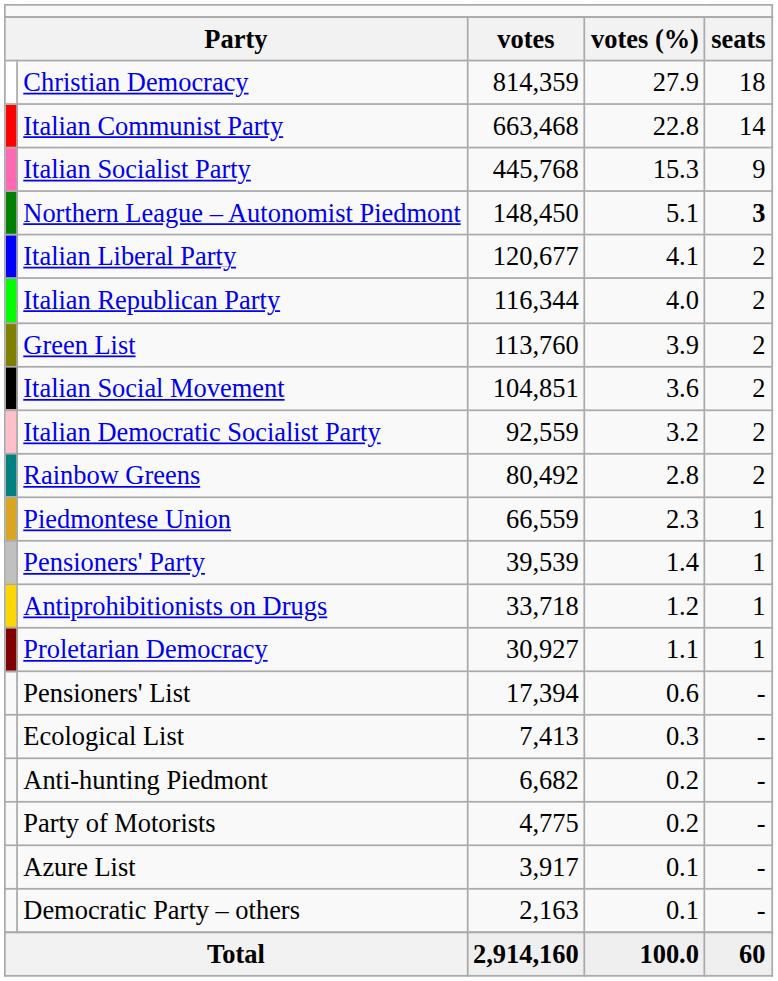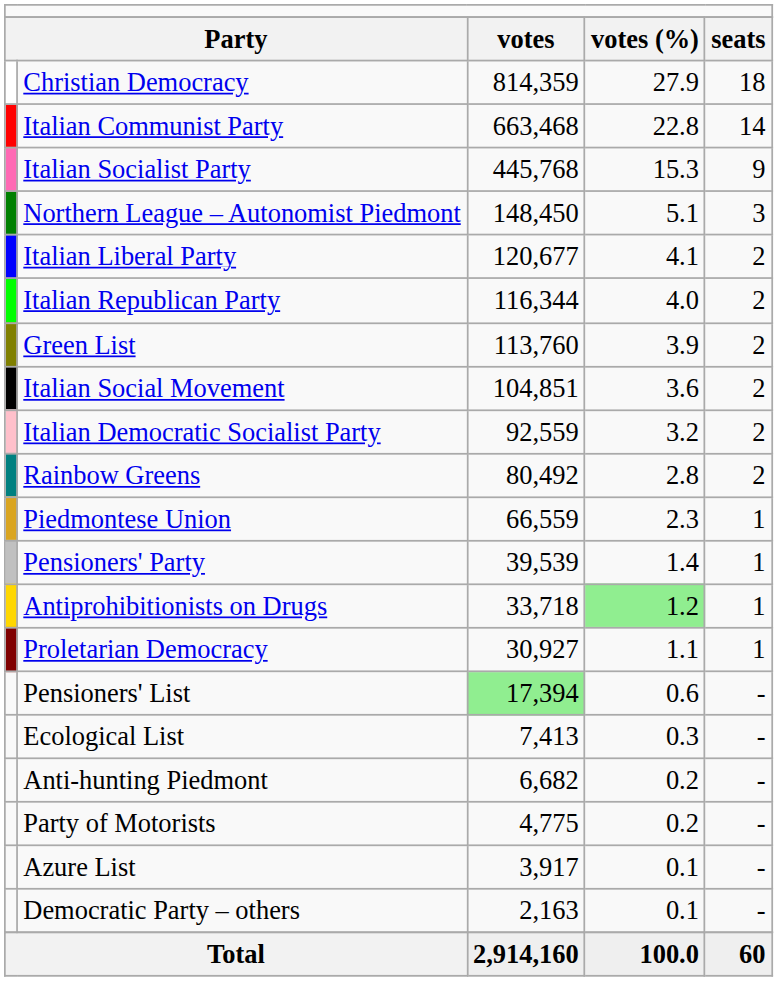 <table class="wikitable" style="font-size:95%">
 <tr>
 <td colspan=5 align=center></td>
 </tr>
 <tr>
 </tr>
 <tr bgcolor="EFEFEF">
 <th colspan=2>Party</th>
 <th>votes</th>
 <th>votes (%)</th>
 <th>seats</th>
 </tr>
 <tr>
 <td bgcolor=white></td>
 <td><a href='#'>Christian Democracy</a></td>
 <td align=right>814,359</td>
 <td align=right>27.9</td>
 <td align=right>18</td>
 </tr>
 <tr>
 <td bgcolor=red></td>
 <td><a href='#'>Italian Communist Party</a></td>
 <td align=right>663,468</td>
 <td align=right>22.8</td>
 <td align=right>14</td>
 </tr>
 <tr>
 <td bgcolor=hotpink></td>
 <td><a href='#'>Italian Socialist Party</a></td>
 <td align=right>445,768</td>
 <td align=right>15.3</td>
 <td align=right>9</td>
 </tr>
 <tr>
 <td bgcolor=green></td>
 <td><a href='#'>Northern League – Autonomist Piedmont</a></td>
 <td align=right>148,450</td>
 <td align=right>5.1</td>
-<td align=right><strong>3</strong></td>
+<td align=right>3</td>
 </tr>
 <tr>
 <td bgcolor=blue></td>
 <td><a href='#'>Italian Liberal Party</a></td>
 <td align=right>120,677</td>
 <td align=right>4.1</td>
 <td align=right>2</td>
 </tr>
 <tr>
 <td bgcolor=lime></td>
 <td><a href='#'>Italian Republican Party</a></td>
 <td align=right>116,344</td>
 <td align=right>4.0</td>
 <td align=right>2</td>
 </tr>
 <tr>
 <td bgcolor=olive></td>
 <td><a href='#'>Green List</a></td>
 <td align=right>113,760</td>
 <td align=right>3.9</td>
 <td align=right>2</td>
 </tr>
 <tr>
 <td bgcolor=black></td>
 <td><a href='#'>Italian Social Movement</a></td>
 <td align=right>104,851</td>
 <td align=right>3.6</td>
 <td align=right>2</td>
 </tr>
 <tr>
 <td bgcolor=Pink></td>
 <td><a href='#'>Italian Democratic Socialist Party</a></td>
 <td align=right>92,559</td>
 <td align=right>3.2</td>
 <td align=right>2</td>
 </tr>
 <tr>
 <td bgcolor=Teal></td>
 <td><a href='#'>Rainbow Greens</a></td>
 <td align=right>80,492</td>
 <td align=right>2.8</td>
 <td align=right>2</td>
 </tr>
 <tr>
 <td bgcolor=Goldenrod></td>
 <td><a href='#'>Piedmontese Union</a></td>
 <td align=right>66,559</td>
 <td align=right>2.3</td>
 <td align=right>1</td>
 </tr>
 <tr>
 <td bgcolor=Silver></td>
 <td><a href='#'>Pensioners' Party</a></td>
 <td align=right>39,539</td>
 <td align=right>1.4</td>
 <td align=right>1</td>
 </tr>
 <tr>
 <td bgcolor=Gold></td>
 <td><a href='#'>Antiprohibitionists on Drugs</a></td>
 <td align=right>33,718</td>
-<td align=right>1.2</td>
+<td align=right style="background: lightgreen;">1.2</td>
 <td align=right>1</td>
 </tr>
 <tr>
 <td bgcolor=Maroon></td>
 <td><a href='#'>Proletarian Democracy</a></td>
 <td align=right>30,927</td>
 <td align=right>1.1</td>
 <td align=right>1</td>
 </tr>
 <tr>
 <td></td>
 <td>Pensioners' List</td>
-<td align=right>17,394</td>
+<td align=right style="background: lightgreen;">17,394</td>
 <td align=right>0.6</td>
 <td align=right>-</td>
 </tr>
 <tr>
 <td></td>
 <td>Ecological List</td>
 <td align=right>7,413</td>
 <td align=right>0.3</td>
 <td align=right>-</td>
 </tr>
 <tr>
 <td></td>
 <td>Anti-hunting Piedmont</td>
 <td align=right>6,682</td>
 <td align=right>0.2</td>
 <td align=right>-</td>
 </tr>
 <tr>
 <td></td>
 <td>Party of Motorists</td>
 <td align=right>4,775</td>
 <td align=right>0.2</td>
 <td align=right>-</td>
 </tr>
 <tr>
 <td></td>
 <td>Azure List</td>
 <td align=right>3,917</td>
 <td align=right>0.1</td>
 <td align=right>-</td>
 </tr>
 <tr>
 <td></td>
 <td>Democratic Party – others</td>
 <td align=right>2,163</td>
 <td align=right>0.1</td>
 <td align=right>-</td>
 </tr>
 <tr>
 </tr>
 <tr bgcolor="EFEFEF">
 <th colspan=2><strong>Total</strong></th>
 <td align=right><strong>2,914,160</strong></td>
 <td align=right><strong>100.0</strong></td>
 <td align=right><strong>60</strong></td>
 </tr>
 </table>
